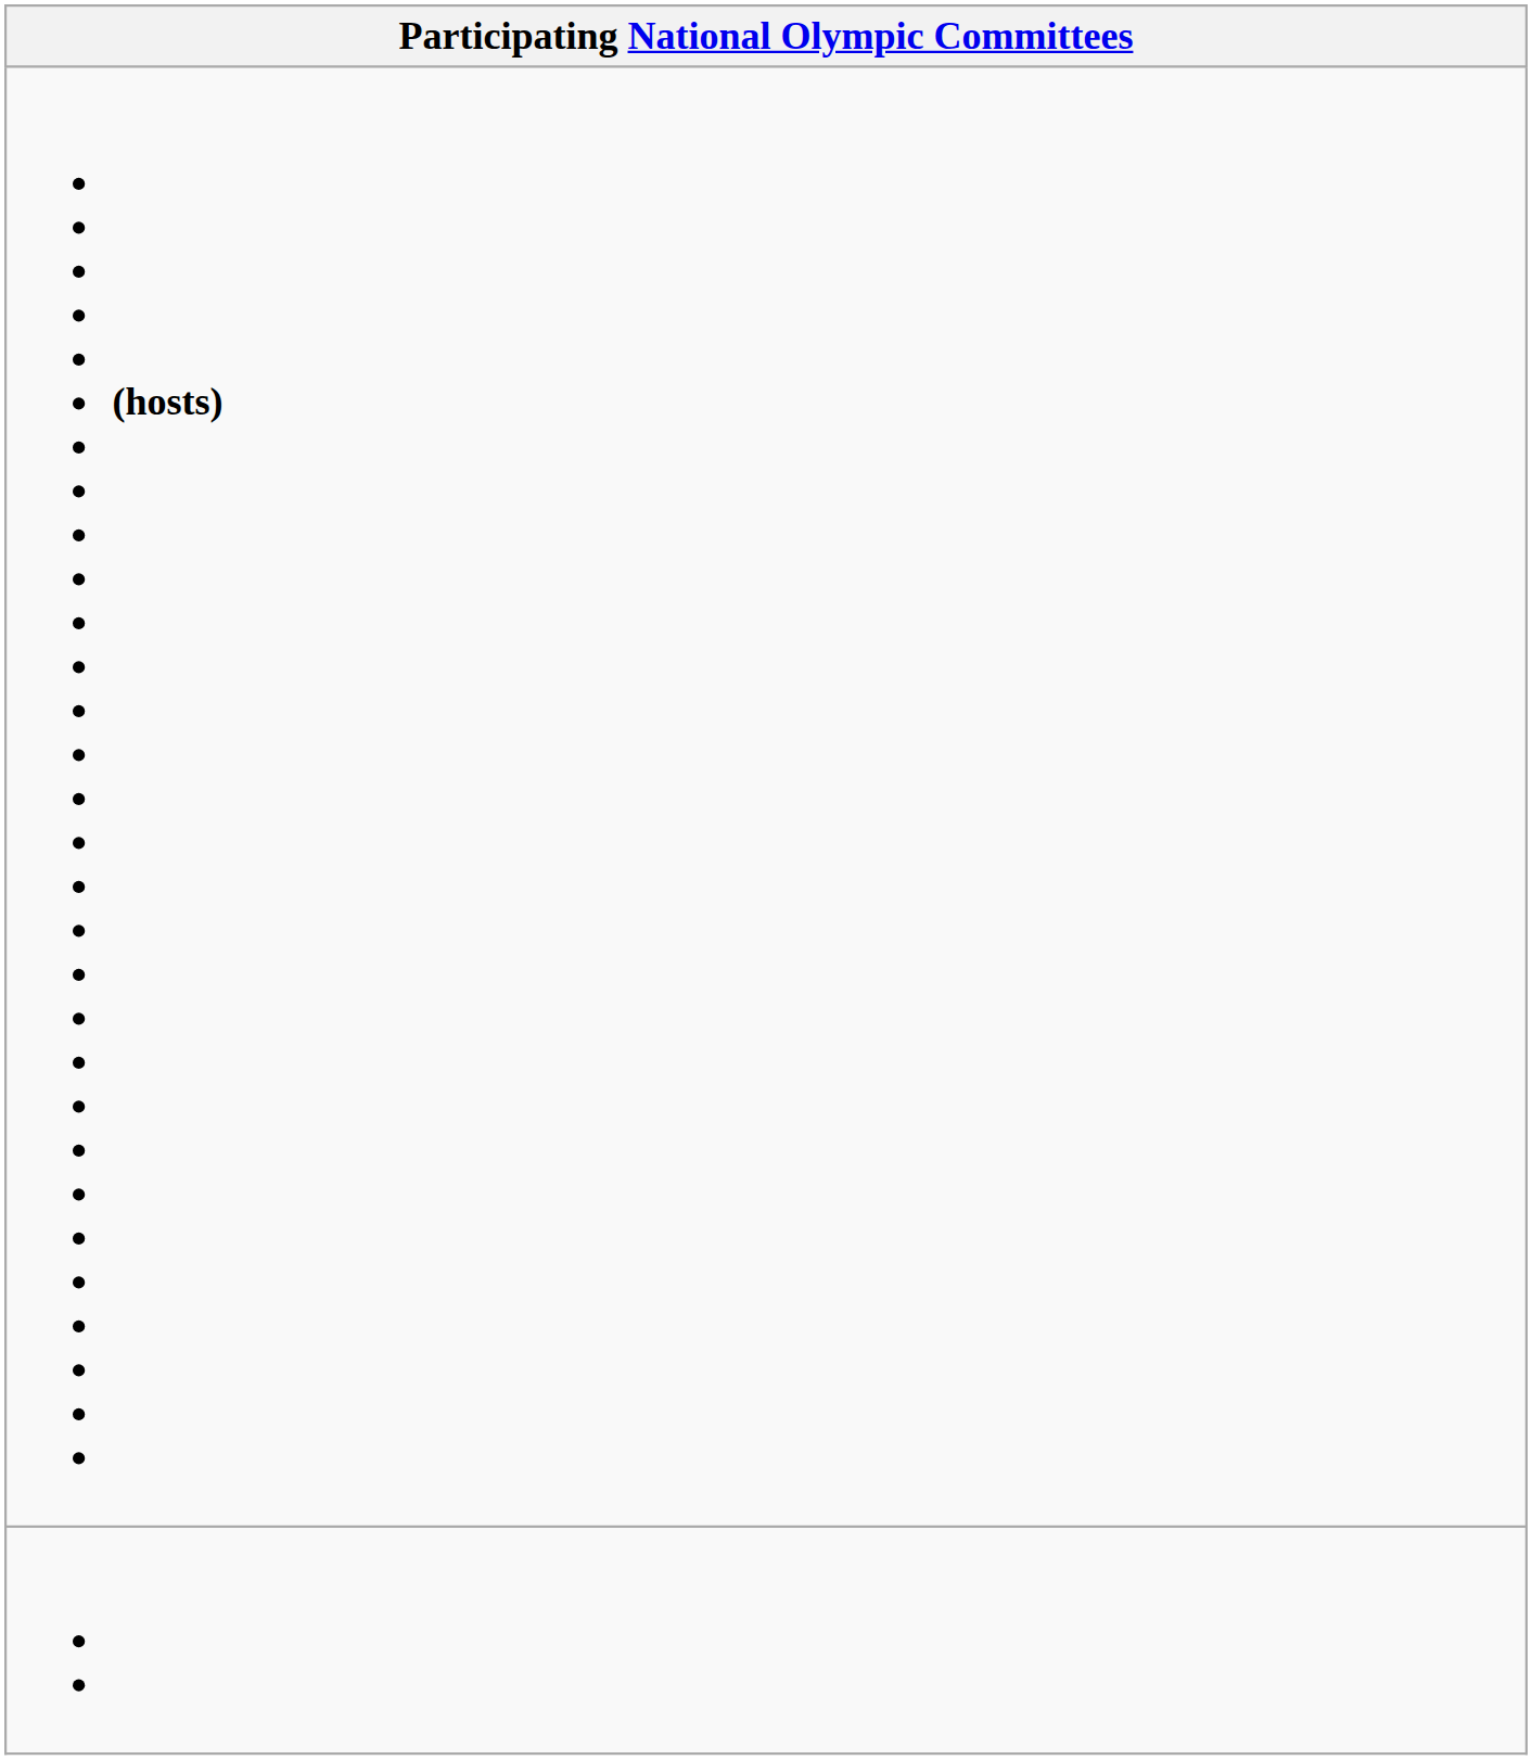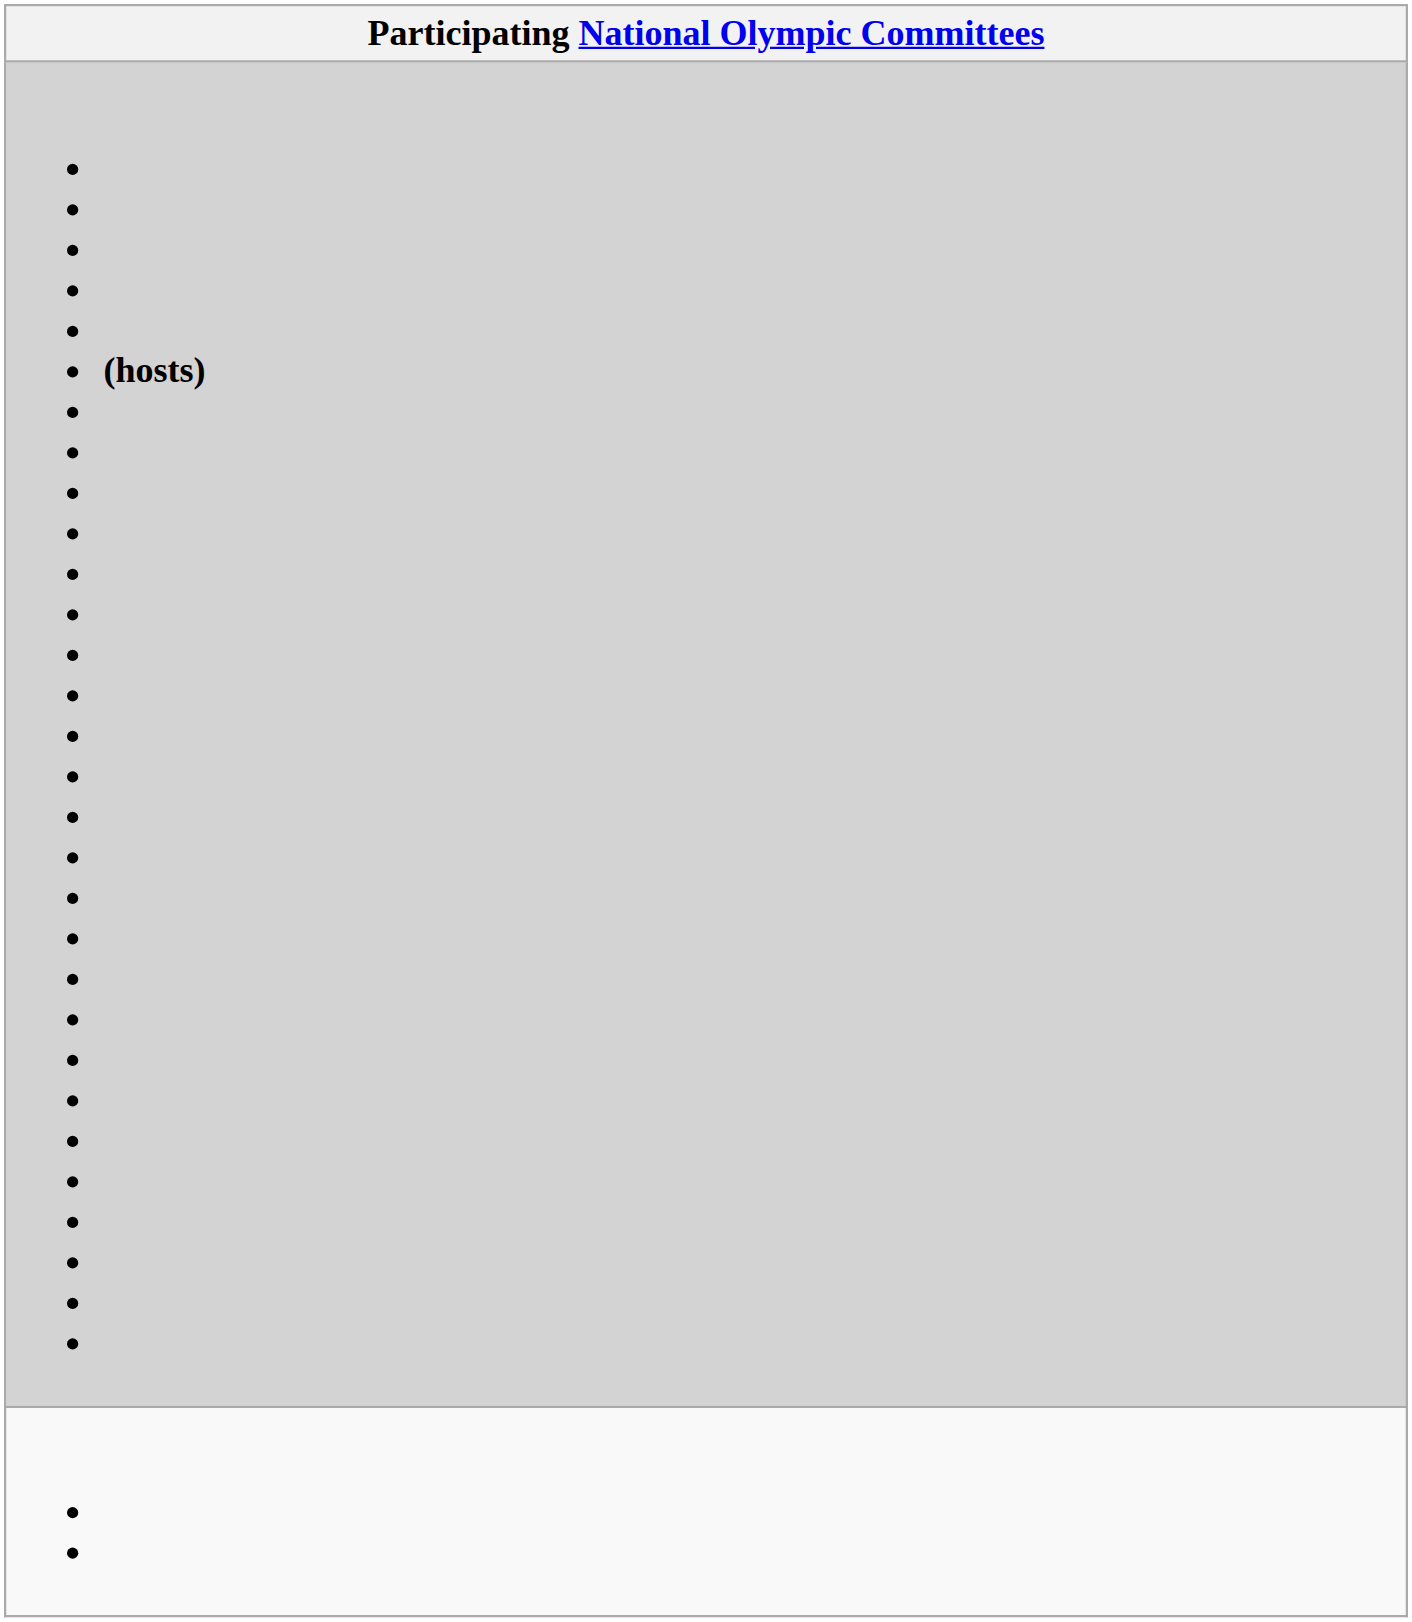 <table class="wikitable collapsible" style="width:100%;">
 <tr>
 <th>Participating <a href='#'>National Olympic Committees</a></th>
 </tr>
 <tr>
-<td><br><ul><li></li><li></li><li></li><li></li><li></li><li> <strong>(hosts)</strong></li><li></li><li></li><li></li><li></li><li></li><li></li><li></li><li></li><li></li><li></li><li></li><li></li><li></li><li></li><li></li><li></li><li></li><li></li><li></li><li></li><li></li><li></li><li></li><li></li></ul></td>
+<td style="background: lightgrey;"><br><ul><li></li><li></li><li></li><li></li><li></li><li> <strong>(hosts)</strong></li><li></li><li></li><li></li><li></li><li></li><li></li><li></li><li></li><li></li><li></li><li></li><li></li><li></li><li></li><li></li><li></li><li></li><li></li><li></li><li></li><li></li><li></li><li></li><li></li></ul></td>
 </tr>
 <tr>
 <td><br><ul><li></li><li></li></ul></td>
 </tr>
 </table>
